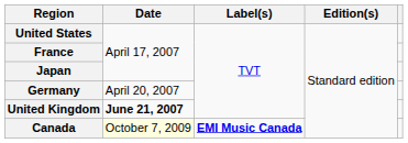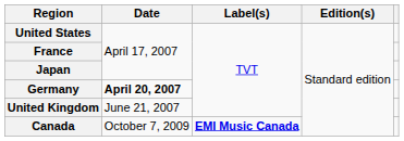 <table class="wikitable plainrowheaders">
 <tr>
 <th scope="col">Region</th>
 <th scope="col">Date</th>
 <th scope="col">Label(s)</th>
 <th scope="col">Edition(s)</th>
 <th scope="col"></th>
 </tr>
 <tr>
 <th scope="row">United States</th>
 <td rowspan="3">April 17, 2007</td>
 <td rowspan="5" align="center"><a href='#'>TVT</a></td>
 <td rowspan="6">Standard edition</td>
 <td style="text-align:center;"></td>
 </tr>
 <tr>
 <th scope="row">France</th>
 <td style="text-align:center;"></td>
 </tr>
 <tr>
 <th scope="row">Japan</th>
 <td style="text-align:center;"></td>
 </tr>
 <tr>
 <th scope="row">Germany</th>
-<td>April 20, 2007</td>
+<td><strong>April 20, 2007</strong></td>
 <td style="text-align:center;"></td>
 </tr>
 <tr>
 <th scope="row">United Kingdom</th>
-<td><strong>June 21, 2007</strong></td>
+<td>June 21, 2007</td>
 <td style="text-align:center;"></td>
 </tr>
 <tr>
 <th scope="row">Canada</th>
-<td style="background: lightyellow;">October 7, 2009</td>
+<td>October 7, 2009</td>
 <td rowspan="1"><strong><a href='#'>EMI Music Canada</a></strong></td>
 <td style="text-align:center;"></td>
 </tr>
 </table>
